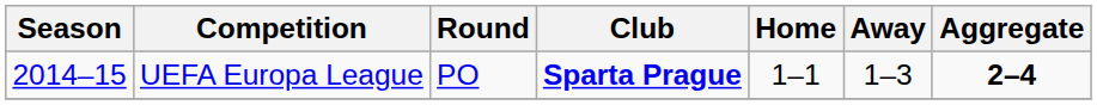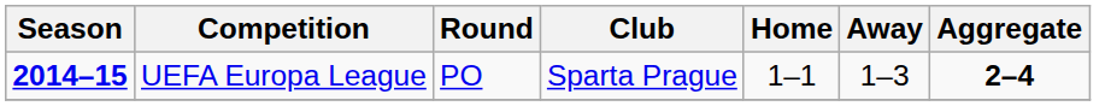 <table class="wikitable">
 <tr>
 <th>Season</th>
 <th>Competition</th>
 <th>Round</th>
 <th>Club</th>
 <th>Home</th>
 <th>Away</th>
 <th>Aggregate</th>
 </tr>
 <tr>
-<td rowspan="1"><a href='#'>2014–15</a></td>
+<td rowspan="1"><strong><a href='#'>2014–15</a></strong></td>
 <td rowspan="1"><a href='#'>UEFA Europa League</a></td>
 <td><a href='#'>PO</a></td>
-<td><strong> <a href='#'>Sparta Prague</a></strong></td>
+<td> <a href='#'>Sparta Prague</a></td>
 <td style="text-align:center;">1–1</td>
 <td style="text-align:center;">1–3</td>
 <td style="text-align:center;"><strong>2–4</strong></td>
 </tr>
 <tr>
 </tr>
 </table>
